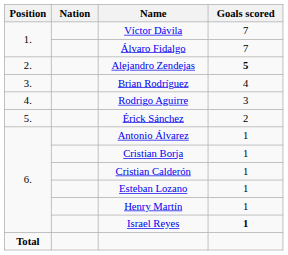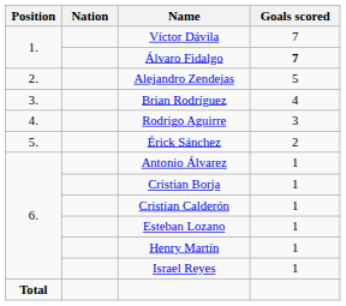 <table class="wikitable" style="font-size: 95%; text-align: center;">
 <tr>
 <th width="60">Position</th>
 <th width="60">Nation</th>
 <th width="150">Name</th>
 <th width="100">Goals scored</th>
 </tr>
 <tr>
 <td rowspan="2">1.</td>
 <td></td>
 <td><a href='#'>Víctor Dávila</a></td>
 <td>7</td>
 </tr>
 <tr>
 <td></td>
 <td><a href='#'>Álvaro Fidalgo</a></td>
-<td>7</td>
+<td><strong>7</strong></td>
 </tr>
 <tr>
 <td rowspan="1">2.</td>
 <td></td>
 <td><a href='#'>Alejandro Zendejas</a></td>
-<td><strong>5</strong></td>
+<td>5</td>
 </tr>
 <tr>
 <td rowspan="1">3.</td>
 <td></td>
 <td><a href='#'>Brian Rodríguez</a></td>
 <td>4</td>
 </tr>
 <tr>
 <td rowspan="1">4.</td>
 <td></td>
 <td><a href='#'>Rodrigo Aguirre</a></td>
 <td>3</td>
 </tr>
 <tr>
 <td rowspan="1">5.</td>
 <td></td>
 <td><a href='#'>Érick Sánchez</a></td>
 <td>2</td>
 </tr>
 <tr>
 <td rowspan="6">6.</td>
 <td></td>
 <td><a href='#'>Antonio Álvarez</a></td>
 <td>1</td>
 </tr>
 <tr>
 <td></td>
 <td><a href='#'>Cristian Borja</a></td>
 <td>1</td>
 </tr>
 <tr>
 <td></td>
 <td><a href='#'>Cristian Calderón</a></td>
 <td>1</td>
 </tr>
 <tr>
 <td></td>
 <td><a href='#'>Esteban Lozano</a></td>
 <td>1</td>
 </tr>
 <tr>
 <td></td>
 <td><a href='#'>Henry Martín</a></td>
 <td>1</td>
 </tr>
 <tr>
 <td></td>
 <td><a href='#'>Israel Reyes</a></td>
-<td><strong>1</strong></td>
+<td>1</td>
 </tr>
 <tr>
 <td><strong>Total</strong></td>
 <td></td>
 <td></td>
 <td></td>
 </tr>
 </table>
